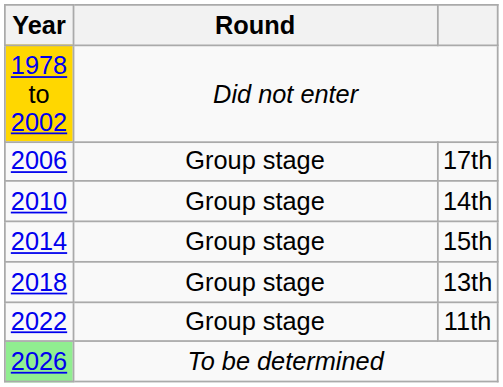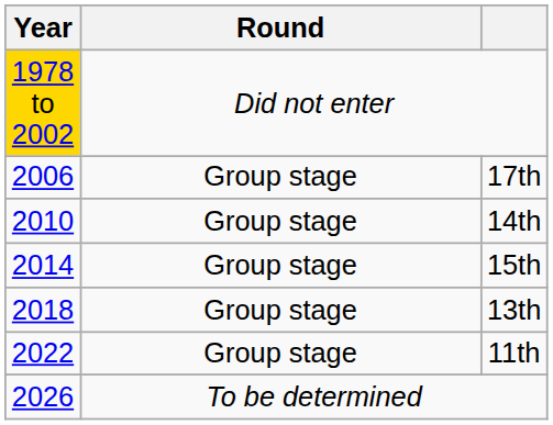 <table class="wikitable" style="text-align: center; font-size:90%">
 <tr>
 <th>Year</th>
 <th style="width:200px">Round</th>
 <th></th>
 </tr>
 <tr>
 <td style="background: gold;"><a href='#'>1978</a><br>to<br><a href='#'>2002</a></td>
 <td colspan="2"><em>Did not enter</em></td>
 </tr>
 <tr>
 <td><a href='#'>2006</a></td>
 <td>Group stage</td>
 <td>17th</td>
 </tr>
 <tr>
 <td><a href='#'>2010</a></td>
 <td>Group stage</td>
 <td>14th</td>
 </tr>
 <tr>
 <td><a href='#'>2014</a></td>
 <td>Group stage</td>
 <td>15th</td>
 </tr>
 <tr>
 <td><a href='#'>2018</a></td>
 <td>Group stage</td>
 <td>13th</td>
 </tr>
 <tr>
 <td><a href='#'>2022</a></td>
 <td>Group stage</td>
 <td>11th</td>
 </tr>
 <tr>
-<td style="background: lightgreen;"><a href='#'>2026</a></td>
+<td><a href='#'>2026</a></td>
 <td colspan="2"><em>To be determined</em></td>
 </tr>
 </table>
